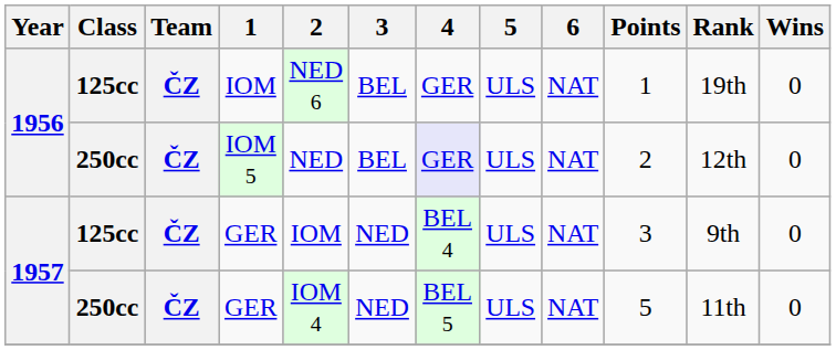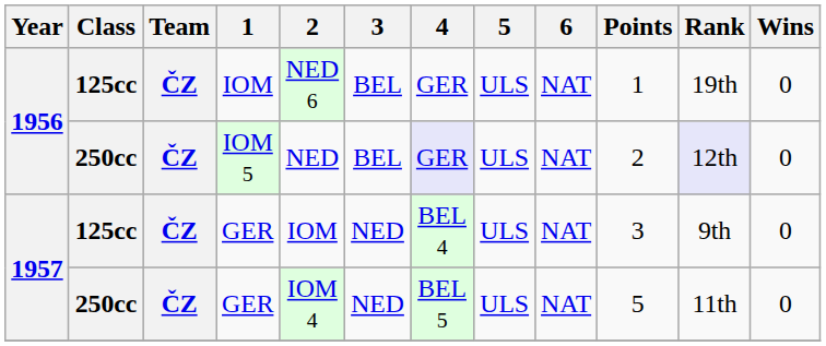 <table class="wikitable" style="text-align:center; font-size:95%">
 <tr>
 <th>Year</th>
 <th>Class</th>
 <th>Team</th>
 <th>1</th>
 <th>2</th>
 <th>3</th>
 <th>4</th>
 <th>5</th>
 <th>6</th>
 <th>Points</th>
 <th>Rank</th>
 <th>Wins</th>
 </tr>
 <tr>
 <th rowspan="2"><a href='#'>1956</a></th>
 <th>125cc</th>
 <th><a href='#'>ČZ</a></th>
 <td><a href='#'>IOM</a></td>
 <td style="background:#DFFFDF;"><a href='#'>NED</a><br><small>6</small></td>
 <td><a href='#'>BEL</a></td>
 <td><a href='#'>GER</a></td>
 <td><a href='#'>ULS</a></td>
 <td><a href='#'>NAT</a></td>
 <td>1</td>
 <td>19th</td>
 <td>0</td>
 </tr>
 <tr>
 <th>250cc</th>
 <th><a href='#'>ČZ</a></th>
 <td style="background:#DFFFDF;"><a href='#'>IOM</a><br><small>5</small></td>
 <td><a href='#'>NED</a></td>
 <td><a href='#'>BEL</a></td>
 <td style="background: lavender;"><a href='#'>GER</a></td>
 <td><a href='#'>ULS</a></td>
 <td><a href='#'>NAT</a></td>
 <td>2</td>
-<td>12th</td>
+<td style="background: lavender;">12th</td>
 <td>0</td>
 </tr>
 <tr>
 <th rowspan=2><a href='#'>1957</a></th>
 <th>125cc</th>
 <th><a href='#'>ČZ</a></th>
 <td><a href='#'>GER</a></td>
 <td><a href='#'>IOM</a></td>
 <td><a href='#'>NED</a></td>
 <td style="background:#DFFFDF;"><a href='#'>BEL</a><br><small>4</small></td>
 <td><a href='#'>ULS</a></td>
 <td><a href='#'>NAT</a></td>
 <td>3</td>
 <td>9th</td>
 <td>0</td>
 </tr>
 <tr>
 <th>250cc</th>
 <th><a href='#'>ČZ</a></th>
 <td><a href='#'>GER</a></td>
 <td style="background:#DFFFDF;"><a href='#'>IOM</a><br><small>4</small></td>
 <td><a href='#'>NED</a></td>
 <td style="background:#DFFFDF;"><a href='#'>BEL</a><br><small>5</small></td>
 <td><a href='#'>ULS</a></td>
 <td><a href='#'>NAT</a></td>
 <td>5</td>
 <td>11th</td>
 <td>0</td>
 </tr>
 <tr>
 </tr>
 </table>
